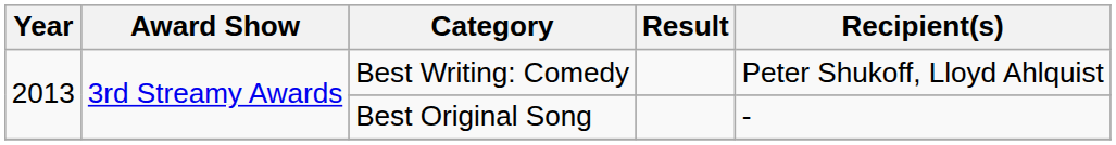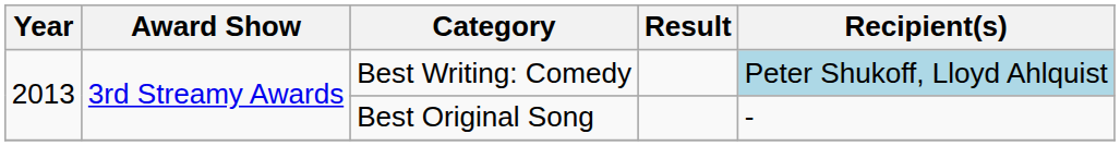 <table class="wikitable">
 <tr>
 <th>Year</th>
 <th>Award Show</th>
 <th>Category</th>
 <th>Result</th>
 <th>Recipient(s)</th>
 </tr>
 <tr>
 <td rowspan="2">2013</td>
 <td rowspan="2"><a href='#'>3rd Streamy Awards</a></td>
 <td>Best Writing: Comedy</td>
 <td></td>
-<td>Peter Shukoff, Lloyd Ahlquist</td>
+<td style="background: lightblue;">Peter Shukoff, Lloyd Ahlquist</td>
 </tr>
 <tr>
 <td>Best Original Song</td>
 <td></td>
 <td Peter Shukoff, Lloyd Ahlquist (>-</td>
 </tr>
 <tr>
 </tr>
 </table>
